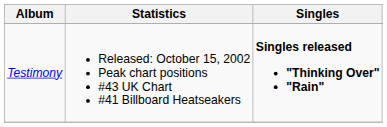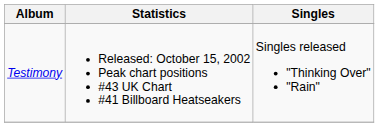 <table class="wikitable">
 <tr>
 <th>Album</th>
 <th>Statistics</th>
 <th>Singles</th>
 </tr>
 <tr>
 </tr>
 <tr>
 <td><em><a href='#'>Testimony</a></em></td>
 <td><br><ul><li>Released: October 15, 2002</li><li>Peak chart positions</li><li>#43 UK Chart</li><li>#41 Billboard Heatseakers</li></ul></td>
-<td><strong>Singles released<br><ul><li>"Thinking Over"</li><li>"Rain"</li></ul></strong></td>
+<td>Singles released<br><ul><li>"Thinking Over"</li><li>"Rain"</li></ul></td>
 </tr>
 <tr>
 </tr>
 </table>
